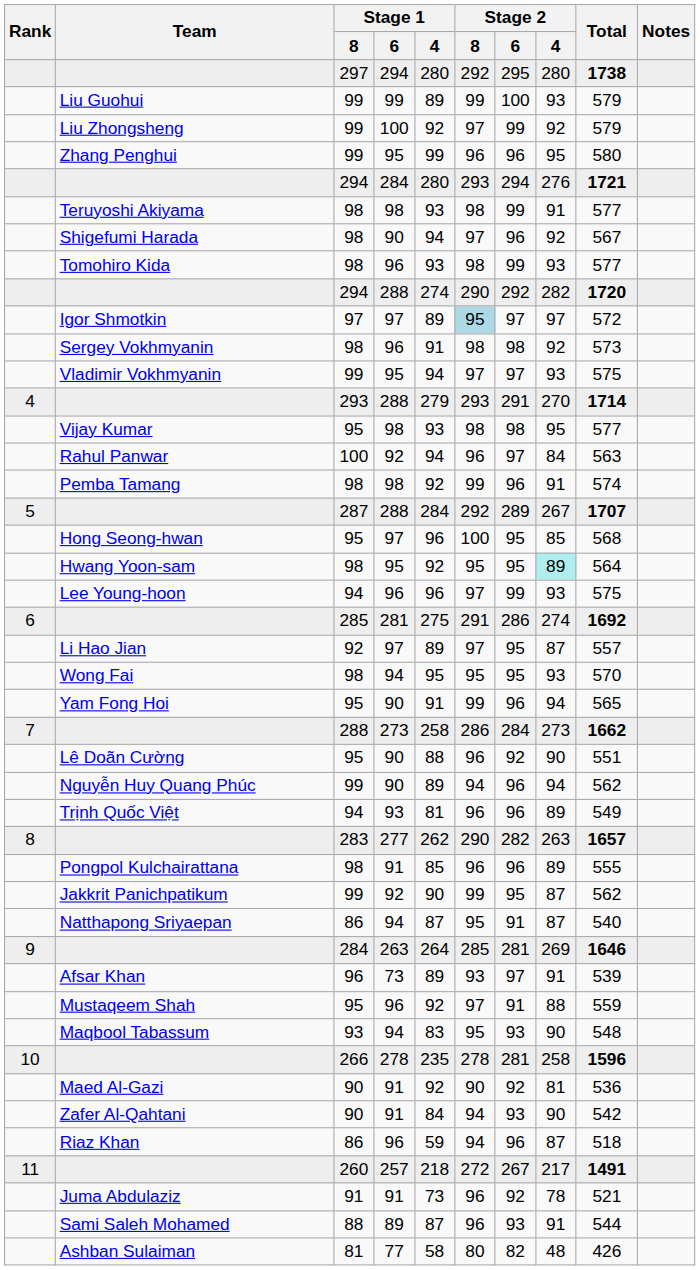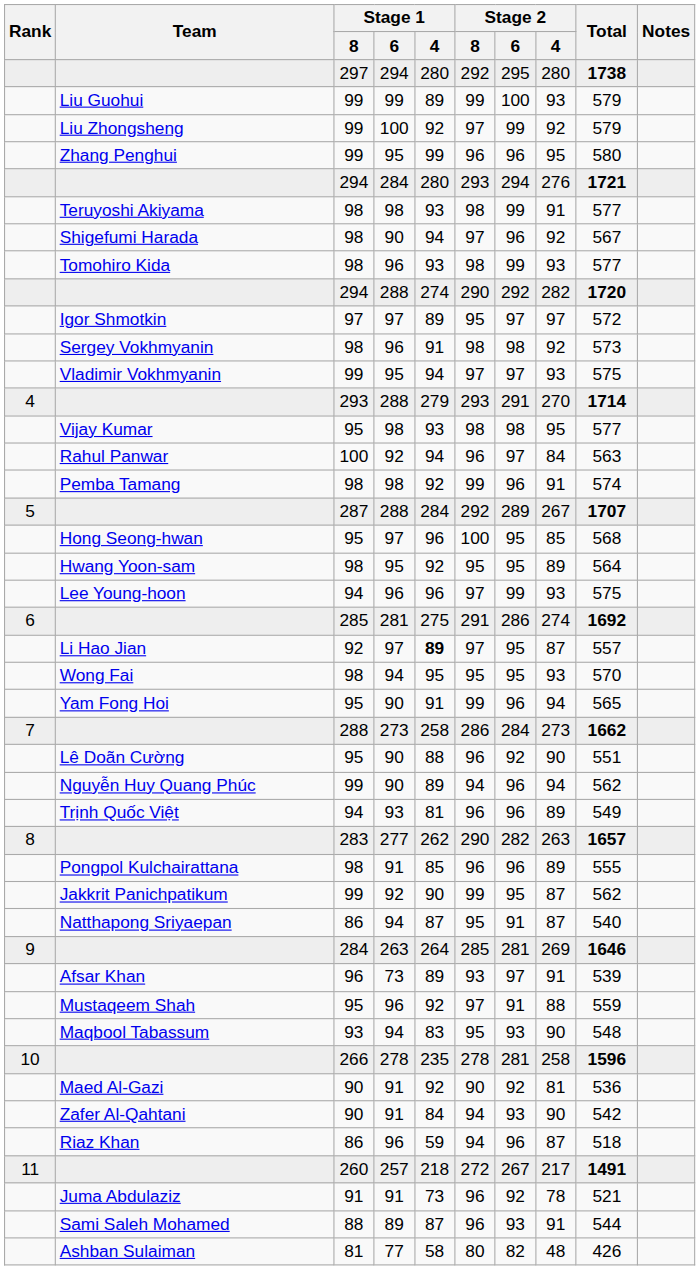 <table class="wikitable" style="text-align:center">
 <tr>
 <th rowspan=2 width=40>Rank</th>
 <th rowspan=2 width=250>Team</th>
 <th colspan=3>Stage 1</th>
 <th colspan=3>Stage 2</th>
 <th rowspan=2 width=50>Total</th>
 <th rowspan=2 width=45>Notes</th>
 </tr>
 <tr>
 <th width=30>8</th>
 <th width=30>6</th>
 <th width=30>4</th>
 <th width=30>8</th>
 <th width=30>6</th>
 <th width=30>4</th>
 </tr>
 <tr bgcolor=eeeeee>
 <td></td>
 <td align=left></td>
 <td>297</td>
 <td>294</td>
 <td>280</td>
 <td>292</td>
 <td>295</td>
 <td>280</td>
 <td><strong>1738</strong></td>
 <td></td>
 </tr>
 <tr>
 <td></td>
 <td align=left><a href='#'>Liu Guohui</a></td>
 <td>99</td>
 <td>99</td>
 <td>89</td>
 <td>99</td>
 <td>100</td>
 <td>93</td>
 <td>579</td>
 <td></td>
 </tr>
 <tr>
 <td></td>
 <td align=left><a href='#'>Liu Zhongsheng</a></td>
 <td>99</td>
 <td>100</td>
 <td>92</td>
 <td>97</td>
 <td>99</td>
 <td>92</td>
 <td>579</td>
 <td></td>
 </tr>
 <tr>
 <td></td>
 <td align=left><a href='#'>Zhang Penghui</a></td>
 <td>99</td>
 <td>95</td>
 <td>99</td>
 <td>96</td>
 <td>96</td>
 <td>95</td>
 <td>580</td>
 <td></td>
 </tr>
 <tr bgcolor=eeeeee>
 <td></td>
 <td align=left></td>
 <td>294</td>
 <td>284</td>
 <td>280</td>
 <td>293</td>
 <td>294</td>
 <td>276</td>
 <td><strong>1721</strong></td>
 <td></td>
 </tr>
 <tr>
 <td></td>
 <td align=left><a href='#'>Teruyoshi Akiyama</a></td>
 <td>98</td>
 <td>98</td>
 <td>93</td>
 <td>98</td>
 <td>99</td>
 <td>91</td>
 <td>577</td>
 <td></td>
 </tr>
 <tr>
 <td></td>
 <td align=left><a href='#'>Shigefumi Harada</a></td>
 <td>98</td>
 <td>90</td>
 <td>94</td>
 <td>97</td>
 <td>96</td>
 <td>92</td>
 <td>567</td>
 <td></td>
 </tr>
 <tr>
 <td></td>
 <td align=left><a href='#'>Tomohiro Kida</a></td>
 <td>98</td>
 <td>96</td>
 <td>93</td>
 <td>98</td>
 <td>99</td>
 <td>93</td>
 <td>577</td>
 <td></td>
 </tr>
 <tr bgcolor=eeeeee>
 <td></td>
 <td align=left></td>
 <td>294</td>
 <td>288</td>
 <td>274</td>
 <td>290</td>
 <td>292</td>
 <td>282</td>
 <td><strong>1720</strong></td>
 <td></td>
 </tr>
 <tr>
 <td></td>
 <td align=left><a href='#'>Igor Shmotkin</a></td>
 <td>97</td>
 <td>97</td>
 <td>89</td>
-<td style="background: lightblue;">95</td>
+<td>95</td>
 <td>97</td>
 <td>97</td>
 <td>572</td>
 <td></td>
 </tr>
 <tr>
 <td></td>
 <td align=left><a href='#'>Sergey Vokhmyanin</a></td>
 <td>98</td>
 <td>96</td>
 <td>91</td>
 <td>98</td>
 <td>98</td>
 <td>92</td>
 <td>573</td>
 <td></td>
 </tr>
 <tr>
 <td></td>
 <td align=left><a href='#'>Vladimir Vokhmyanin</a></td>
 <td>99</td>
 <td>95</td>
 <td>94</td>
 <td>97</td>
 <td>97</td>
 <td>93</td>
 <td>575</td>
 <td></td>
 </tr>
 <tr bgcolor=eeeeee>
 <td>4</td>
 <td align=left></td>
 <td>293</td>
 <td>288</td>
 <td>279</td>
 <td>293</td>
 <td>291</td>
 <td>270</td>
 <td><strong>1714</strong></td>
 <td></td>
 </tr>
 <tr>
 <td></td>
 <td align=left><a href='#'>Vijay Kumar</a></td>
 <td>95</td>
 <td>98</td>
 <td>93</td>
 <td>98</td>
 <td>98</td>
 <td>95</td>
 <td>577</td>
 <td></td>
 </tr>
 <tr>
 <td></td>
 <td align=left><a href='#'>Rahul Panwar</a></td>
 <td>100</td>
 <td>92</td>
 <td>94</td>
 <td>96</td>
 <td>97</td>
 <td>84</td>
 <td>563</td>
 <td></td>
 </tr>
 <tr>
 <td></td>
 <td align=left><a href='#'>Pemba Tamang</a></td>
 <td>98</td>
 <td>98</td>
 <td>92</td>
 <td>99</td>
 <td>96</td>
 <td>91</td>
 <td>574</td>
 <td></td>
 </tr>
 <tr bgcolor=eeeeee>
 <td>5</td>
 <td align=left></td>
 <td>287</td>
 <td>288</td>
 <td>284</td>
 <td>292</td>
 <td>289</td>
 <td>267</td>
 <td><strong>1707</strong></td>
 <td></td>
 </tr>
 <tr>
 <td></td>
 <td align=left><a href='#'>Hong Seong-hwan</a></td>
 <td>95</td>
 <td>97</td>
 <td>96</td>
 <td>100</td>
 <td>95</td>
 <td>85</td>
 <td>568</td>
 <td></td>
 </tr>
 <tr>
 <td></td>
 <td align=left><a href='#'>Hwang Yoon-sam</a></td>
 <td>98</td>
 <td>95</td>
 <td>92</td>
 <td>95</td>
 <td>95</td>
-<td style="background: paleturquoise;">89</td>
+<td>89</td>
 <td>564</td>
 <td></td>
 </tr>
 <tr>
 <td></td>
 <td align=left><a href='#'>Lee Young-hoon</a></td>
 <td>94</td>
 <td>96</td>
 <td>96</td>
 <td>97</td>
 <td>99</td>
 <td>93</td>
 <td>575</td>
 <td></td>
 </tr>
 <tr bgcolor=eeeeee>
 <td>6</td>
 <td align=left></td>
 <td>285</td>
 <td>281</td>
 <td>275</td>
 <td>291</td>
 <td>286</td>
 <td>274</td>
 <td><strong>1692</strong></td>
 <td></td>
 </tr>
 <tr>
 <td></td>
 <td align=left><a href='#'>Li Hao Jian</a></td>
 <td>92</td>
 <td>97</td>
-<td>89</td>
+<td><strong>89</strong></td>
 <td>97</td>
 <td>95</td>
 <td>87</td>
 <td>557</td>
 <td></td>
 </tr>
 <tr>
 <td></td>
 <td align=left><a href='#'>Wong Fai</a></td>
 <td>98</td>
 <td>94</td>
 <td>95</td>
 <td>95</td>
 <td>95</td>
 <td>93</td>
 <td>570</td>
 <td></td>
 </tr>
 <tr>
 <td></td>
 <td align=left><a href='#'>Yam Fong Hoi</a></td>
 <td>95</td>
 <td>90</td>
 <td>91</td>
 <td>99</td>
 <td>96</td>
 <td>94</td>
 <td>565</td>
 <td></td>
 </tr>
 <tr bgcolor=eeeeee>
 <td>7</td>
 <td align=left></td>
 <td>288</td>
 <td>273</td>
 <td>258</td>
 <td>286</td>
 <td>284</td>
 <td>273</td>
 <td><strong>1662</strong></td>
 <td></td>
 </tr>
 <tr>
 <td></td>
 <td align=left><a href='#'>Lê Doãn Cường</a></td>
 <td>95</td>
 <td>90</td>
 <td>88</td>
 <td>96</td>
 <td>92</td>
 <td>90</td>
 <td>551</td>
 <td></td>
 </tr>
 <tr>
 <td></td>
 <td align=left><a href='#'>Nguyễn Huy Quang Phúc</a></td>
 <td>99</td>
 <td>90</td>
 <td>89</td>
 <td>94</td>
 <td>96</td>
 <td>94</td>
 <td>562</td>
 <td></td>
 </tr>
 <tr>
 <td></td>
 <td align=left><a href='#'>Trịnh Quốc Việt</a></td>
 <td>94</td>
 <td>93</td>
 <td>81</td>
 <td>96</td>
 <td>96</td>
 <td>89</td>
 <td>549</td>
 <td></td>
 </tr>
 <tr bgcolor=eeeeee>
 <td>8</td>
 <td align=left></td>
 <td>283</td>
 <td>277</td>
 <td>262</td>
 <td>290</td>
 <td>282</td>
 <td>263</td>
 <td><strong>1657</strong></td>
 <td></td>
 </tr>
 <tr>
 <td></td>
 <td align=left><a href='#'>Pongpol Kulchairattana</a></td>
 <td>98</td>
 <td>91</td>
 <td>85</td>
 <td>96</td>
 <td>96</td>
 <td>89</td>
 <td>555</td>
 <td></td>
 </tr>
 <tr>
 <td></td>
 <td align=left><a href='#'>Jakkrit Panichpatikum</a></td>
 <td>99</td>
 <td>92</td>
 <td>90</td>
 <td>99</td>
 <td>95</td>
 <td>87</td>
 <td>562</td>
 <td></td>
 </tr>
 <tr>
 <td></td>
 <td align=left><a href='#'>Natthapong Sriyaepan</a></td>
 <td>86</td>
 <td>94</td>
 <td>87</td>
 <td>95</td>
 <td>91</td>
 <td>87</td>
 <td>540</td>
 <td></td>
 </tr>
 <tr bgcolor=eeeeee>
 <td>9</td>
 <td align=left></td>
 <td>284</td>
 <td>263</td>
 <td>264</td>
 <td>285</td>
 <td>281</td>
 <td>269</td>
 <td><strong>1646</strong></td>
 <td></td>
 </tr>
 <tr>
 <td></td>
 <td align=left><a href='#'>Afsar Khan</a></td>
 <td>96</td>
 <td>73</td>
 <td>89</td>
 <td>93</td>
 <td>97</td>
 <td>91</td>
 <td>539</td>
 <td></td>
 </tr>
 <tr>
 <td></td>
 <td align=left><a href='#'>Mustaqeem Shah</a></td>
 <td>95</td>
 <td>96</td>
 <td>92</td>
 <td>97</td>
 <td>91</td>
 <td>88</td>
 <td>559</td>
 <td></td>
 </tr>
 <tr>
 <td></td>
 <td align=left><a href='#'>Maqbool Tabassum</a></td>
 <td>93</td>
 <td>94</td>
 <td>83</td>
 <td>95</td>
 <td>93</td>
 <td>90</td>
 <td>548</td>
 <td></td>
 </tr>
 <tr bgcolor=eeeeee>
 <td>10</td>
 <td align=left></td>
 <td>266</td>
 <td>278</td>
 <td>235</td>
 <td>278</td>
 <td>281</td>
 <td>258</td>
 <td><strong>1596</strong></td>
 <td></td>
 </tr>
 <tr>
 <td></td>
 <td align=left><a href='#'>Maed Al-Gazi</a></td>
 <td>90</td>
 <td>91</td>
 <td>92</td>
 <td>90</td>
 <td>92</td>
 <td>81</td>
 <td>536</td>
 <td></td>
 </tr>
 <tr>
 <td></td>
 <td align=left><a href='#'>Zafer Al-Qahtani</a></td>
 <td>90</td>
 <td>91</td>
 <td>84</td>
 <td>94</td>
 <td>93</td>
 <td>90</td>
 <td>542</td>
 <td></td>
 </tr>
 <tr>
 <td></td>
 <td align=left><a href='#'>Riaz Khan</a></td>
 <td>86</td>
 <td>96</td>
 <td>59</td>
 <td>94</td>
 <td>96</td>
 <td>87</td>
 <td>518</td>
 <td></td>
 </tr>
 <tr bgcolor=eeeeee>
 <td>11</td>
 <td align=left></td>
 <td>260</td>
 <td>257</td>
 <td>218</td>
 <td>272</td>
 <td>267</td>
 <td>217</td>
 <td><strong>1491</strong></td>
 <td></td>
 </tr>
 <tr>
 <td></td>
 <td align=left><a href='#'>Juma Abdulaziz</a></td>
 <td>91</td>
 <td>91</td>
 <td>73</td>
 <td>96</td>
 <td>92</td>
 <td>78</td>
 <td>521</td>
 <td></td>
 </tr>
 <tr>
 <td></td>
 <td align=left><a href='#'>Sami Saleh Mohamed</a></td>
 <td>88</td>
 <td>89</td>
 <td>87</td>
 <td>96</td>
 <td>93</td>
 <td>91</td>
 <td>544</td>
 <td></td>
 </tr>
 <tr>
 <td></td>
 <td align=left><a href='#'>Ashban Sulaiman</a></td>
 <td>81</td>
 <td>77</td>
 <td>58</td>
 <td>80</td>
 <td>82</td>
 <td>48</td>
 <td>426</td>
 <td></td>
 </tr>
 </table>
